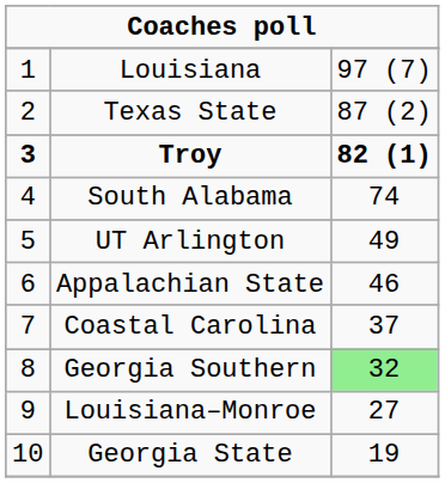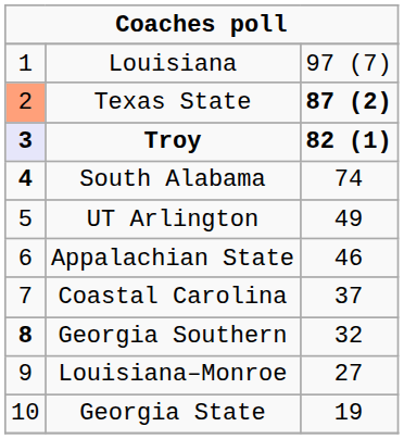 <table class="wikitable">
 <tr align="center">
 <td align="center" Colspan="3"><strong>Coaches poll</strong></td>
 </tr>
 <tr align="center">
 </tr>
 <tr align="center">
 <td>1</td>
 <td>Louisiana</td>
 <td>97 (7)</td>
 </tr>
 <tr align="center">
-<td>2</td>
+<td style="background: lightsalmon;">2</td>
 <td>Texas State</td>
-<td>87 (2)</td>
+<td><strong>87 (2)</strong></td>
 </tr>
 <tr align="center">
-<td><strong>3</strong></td>
+<td style="background: lavender;"><strong>3</strong></td>
 <td><strong>Troy</strong></td>
 <td><strong>82 (1)</strong></td>
 </tr>
 <tr align="center">
-<td>4</td>
+<td><strong>4</strong></td>
 <td>South Alabama</td>
 <td>74</td>
 </tr>
 <tr align="center">
 <td>5</td>
 <td>UT Arlington</td>
 <td>49</td>
 </tr>
 <tr align="center">
 <td>6</td>
 <td>Appalachian State</td>
 <td>46</td>
 </tr>
 <tr align="center">
 <td>7</td>
 <td>Coastal Carolina</td>
 <td>37</td>
 </tr>
 <tr align="center">
-<td>8</td>
+<td><strong>8</strong></td>
 <td>Georgia Southern</td>
-<td style="background: lightgreen;">32</td>
+<td>32</td>
 </tr>
 <tr align="center">
 <td>9</td>
 <td>Louisiana–Monroe</td>
 <td>27</td>
 </tr>
 <tr align="center">
 <td>10</td>
 <td>Georgia State</td>
 <td>19</td>
 </tr>
 <tr align="center">
 </tr>
 </table>
